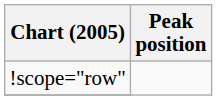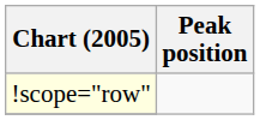 <table class="wikitable">
 <tr>
 <th align="left">Chart (2005)</th>
 <th align="left">Peak<br>position</th>
 </tr>
 <tr>
-<td>!scope="row"</td>
+<td style="background: lightyellow;">!scope="row"</td>
 </tr>
 <tr>
 </tr>
 </table>
